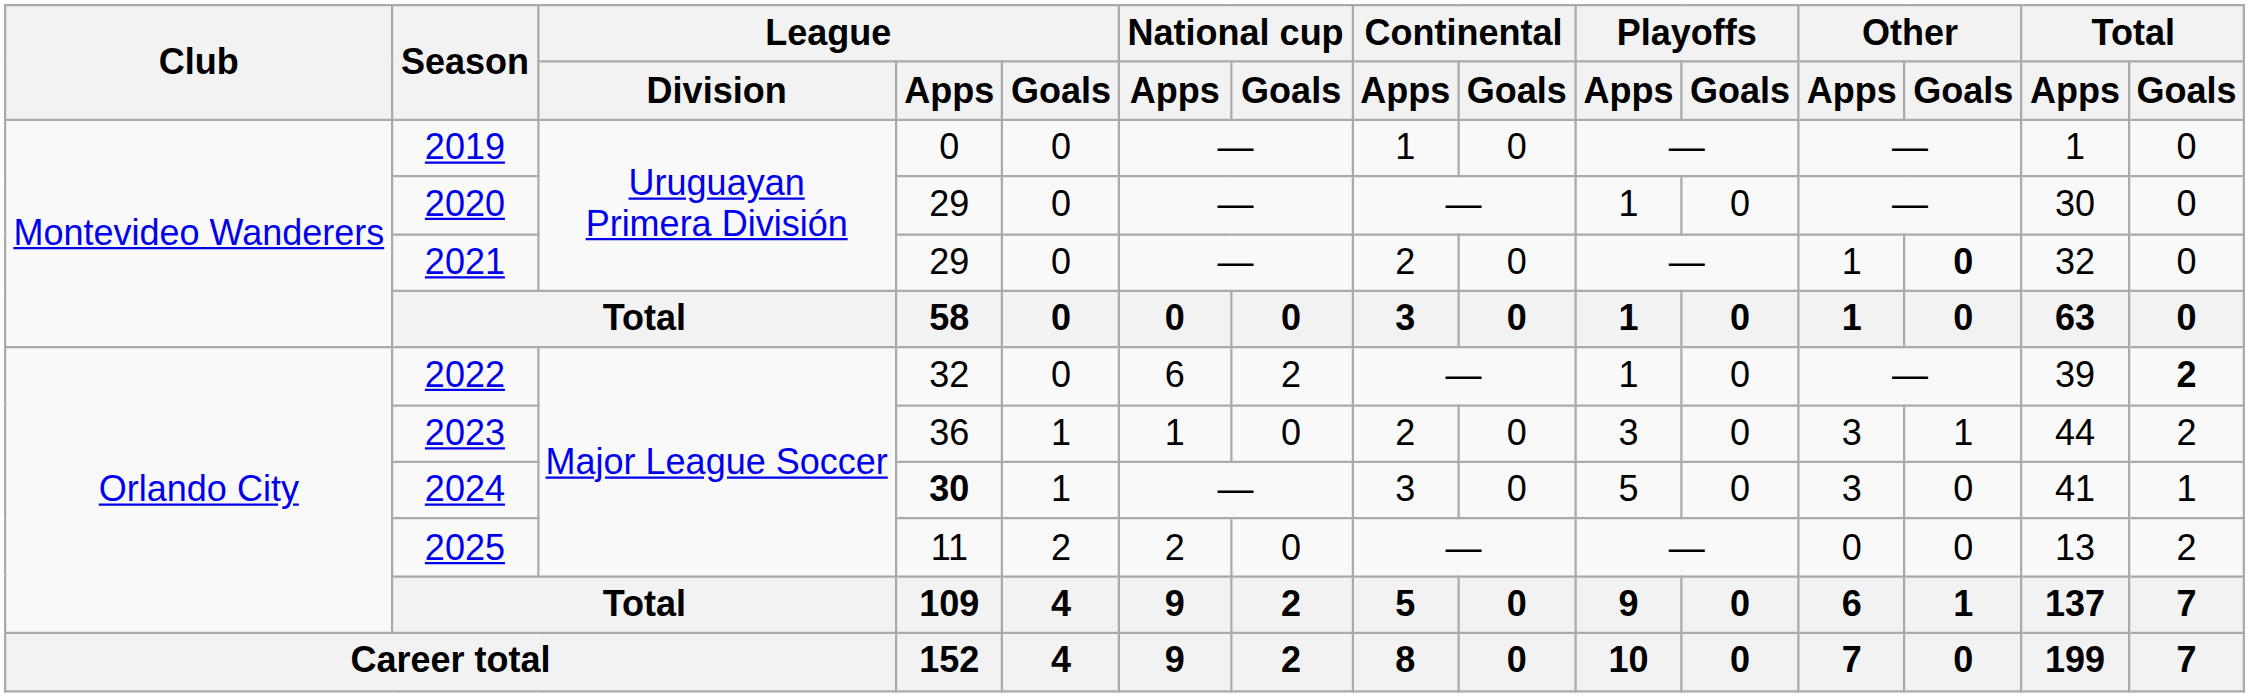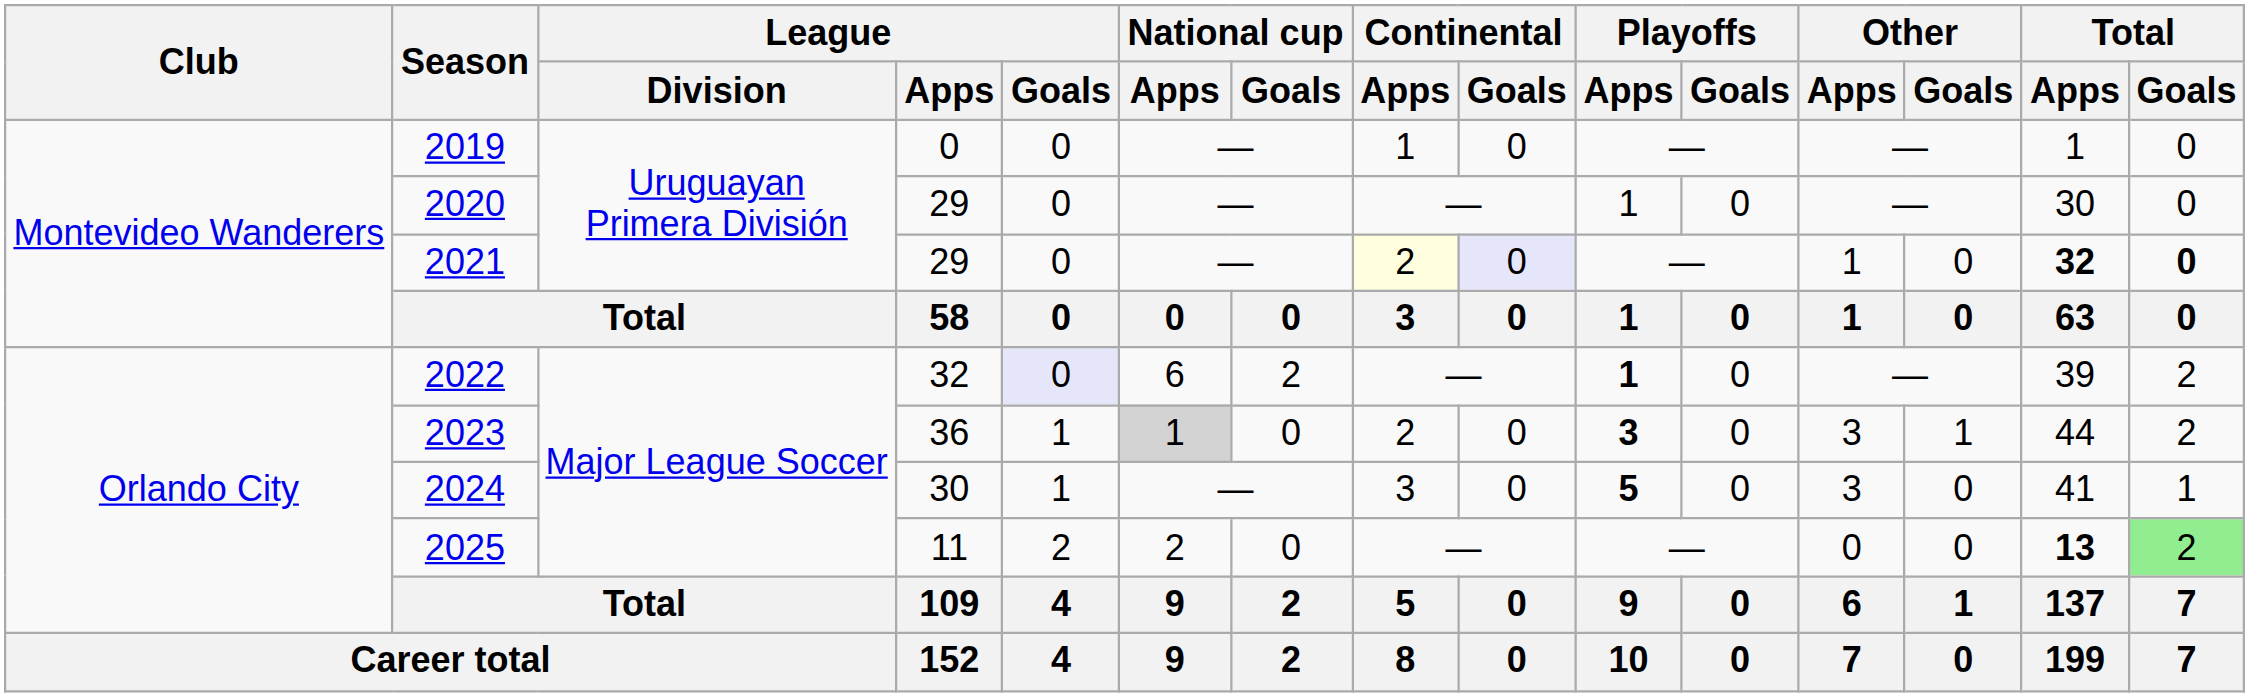 <table class="wikitable" style="text-align:center">
 <tr>
 <th rowspan="2">Club</th>
 <th rowspan="2">Season</th>
 <th colspan="3">League</th>
 <th colspan="2">National cup</th>
 <th colspan="2">Continental</th>
 <th colspan="2">Playoffs</th>
 <th colspan="2">Other</th>
 <th colspan="2">Total</th>
 </tr>
 <tr>
 <th>Division</th>
 <th>Apps</th>
 <th>Goals</th>
 <th>Apps</th>
 <th>Goals</th>
 <th>Apps</th>
 <th>Goals</th>
 <th>Apps</th>
 <th>Goals</th>
 <th>Apps</th>
 <th>Goals</th>
 <th>Apps</th>
 <th>Goals</th>
 </tr>
 <tr>
 <td rowspan="4"><a href='#'>Montevideo Wanderers</a></td>
 <td><a href='#'>2019</a></td>
 <td rowspan="3"><a href='#'>Uruguayan<br>Primera División</a></td>
 <td>0</td>
 <td>0</td>
 <td colspan="2">—</td>
 <td>1</td>
 <td>0</td>
 <td colspan="2">—</td>
 <td colspan="2">—</td>
 <td>1</td>
 <td>0</td>
 </tr>
 <tr>
 <td><a href='#'>2020</a></td>
 <td>29</td>
 <td>0</td>
 <td colspan="2">—</td>
 <td colspan="2">—</td>
 <td>1</td>
 <td>0</td>
 <td colspan="2">—</td>
 <td>30</td>
 <td>0</td>
 </tr>
 <tr>
 <td><a href='#'>2021</a></td>
 <td>29</td>
 <td>0</td>
 <td colspan="2">—</td>
-<td>2</td>
-<td>0</td>
+<td style="background: lightyellow;">2</td>
+<td style="background: lavender;">0</td>
 <td colspan="2">—</td>
 <td>1</td>
+<td>0</td>
+<td><strong>32</strong></td>
 <td><strong>0</strong></td>
-<td>32</td>
-<td>0</td>
 </tr>
 <tr>
 <th colspan="2">Total</th>
 <th>58</th>
 <th>0</th>
 <th>0</th>
 <th>0</th>
 <th>3</th>
 <th>0</th>
 <th>1</th>
 <th>0</th>
 <th>1</th>
 <th>0</th>
 <th>63</th>
 <th>0</th>
 </tr>
 <tr>
 <td rowspan="5"><a href='#'>Orlando City</a></td>
 <td><a href='#'>2022</a></td>
 <td rowspan="4"><a href='#'>Major League Soccer</a></td>
 <td>32</td>
-<td>0</td>
+<td style="background: lavender;">0</td>
 <td>6</td>
 <td>2</td>
 <td colspan="2">—</td>
-<td>1</td>
+<td><strong>1</strong></td>
 <td>0</td>
 <td colspan="2">—</td>
 <td>39</td>
-<td><strong>2</strong></td>
+<td>2</td>
 </tr>
 <tr>
 <td><a href='#'>2023</a></td>
 <td>36</td>
 <td>1</td>
-<td>1</td>
+<td style="background: lightgrey;">1</td>
 <td>0</td>
 <td>2</td>
 <td>0</td>
-<td>3</td>
+<td><strong>3</strong></td>
 <td>0</td>
 <td>3</td>
 <td>1</td>
 <td>44</td>
 <td>2</td>
 </tr>
 <tr>
 <td><a href='#'>2024</a></td>
-<td><strong>30</strong></td>
+<td>30</td>
 <td>1</td>
 <td colspan="2">—</td>
 <td>3</td>
 <td>0</td>
-<td>5</td>
+<td><strong>5</strong></td>
 <td>0</td>
 <td>3</td>
 <td>0</td>
 <td>41</td>
 <td>1</td>
 </tr>
 <tr>
 <td><a href='#'>2025</a></td>
 <td>11</td>
 <td>2</td>
 <td>2</td>
 <td>0</td>
 <td colspan="2">—</td>
 <td colspan="2">—</td>
 <td>0</td>
 <td>0</td>
-<td>13</td>
-<td>2</td>
+<td><strong>13</strong></td>
+<td style="background: lightgreen;">2</td>
 </tr>
 <tr>
 <th colspan="2">Total</th>
 <th>109</th>
 <th>4</th>
 <th>9</th>
 <th>2</th>
 <th>5</th>
 <th>0</th>
 <th>9</th>
 <th>0</th>
 <th>6</th>
 <th>1</th>
 <th>137</th>
 <th>7</th>
 </tr>
 <tr>
 <th colspan="3">Career total</th>
 <th>152</th>
 <th>4</th>
 <th>9</th>
 <th>2</th>
 <th>8</th>
 <th>0</th>
 <th>10</th>
 <th>0</th>
 <th>7</th>
 <th>0</th>
 <th>199</th>
 <th>7</th>
 </tr>
 </table>
